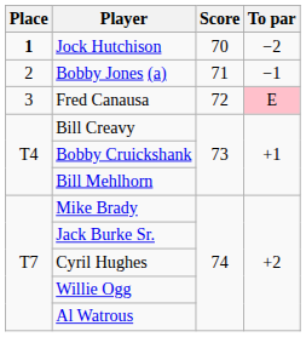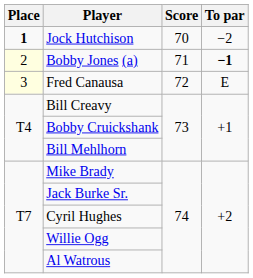 <table class=wikitable>
 <tr>
 <th>Place</th>
 <th>Player</th>
 <th>Score</th>
 <th>To par</th>
 </tr>
 <tr>
 <td align=center><strong>1</strong></td>
 <td> <a href='#'>Jock Hutchison</a></td>
 <td align=center>70</td>
 <td align=center>−2</td>
 </tr>
 <tr>
-<td align=center>2</td>
+<td align=center style="background: lightyellow;">2</td>
 <td> <a href='#'>Bobby Jones</a> <a href='#'>(a)</a></td>
 <td align=center>71</td>
-<td align=center>−1</td>
+<td align=center><strong>−1</strong></td>
 </tr>
 <tr>
-<td align=center>3</td>
+<td align=center style="background: lightyellow;">3</td>
 <td> Fred Canausa</td>
 <td align=center>72</td>
-<td align=center style="background: pink;">E</td>
+<td align=center>E</td>
 </tr>
 <tr>
 <td rowspan=3 align=center>T4</td>
 <td> Bill Creavy</td>
 <td rowspan=3 align=center>73</td>
 <td rowspan=3 align=center>+1</td>
 </tr>
 <tr>
 <td> <a href='#'>Bobby Cruickshank</a></td>
 </tr>
 <tr>
 <td> <a href='#'>Bill Mehlhorn</a></td>
 </tr>
 <tr>
 <td rowspan=5 align=center>T7</td>
 <td> <a href='#'>Mike Brady</a></td>
 <td rowspan=5 align=center>74</td>
 <td rowspan=5 align=center>+2</td>
 </tr>
 <tr>
 <td> <a href='#'>Jack Burke Sr.</a></td>
 </tr>
 <tr>
 <td> Cyril Hughes</td>
 </tr>
 <tr>
 <td> <a href='#'>Willie Ogg</a></td>
 </tr>
 <tr>
 <td> <a href='#'>Al Watrous</a></td>
 </tr>
 </table>
